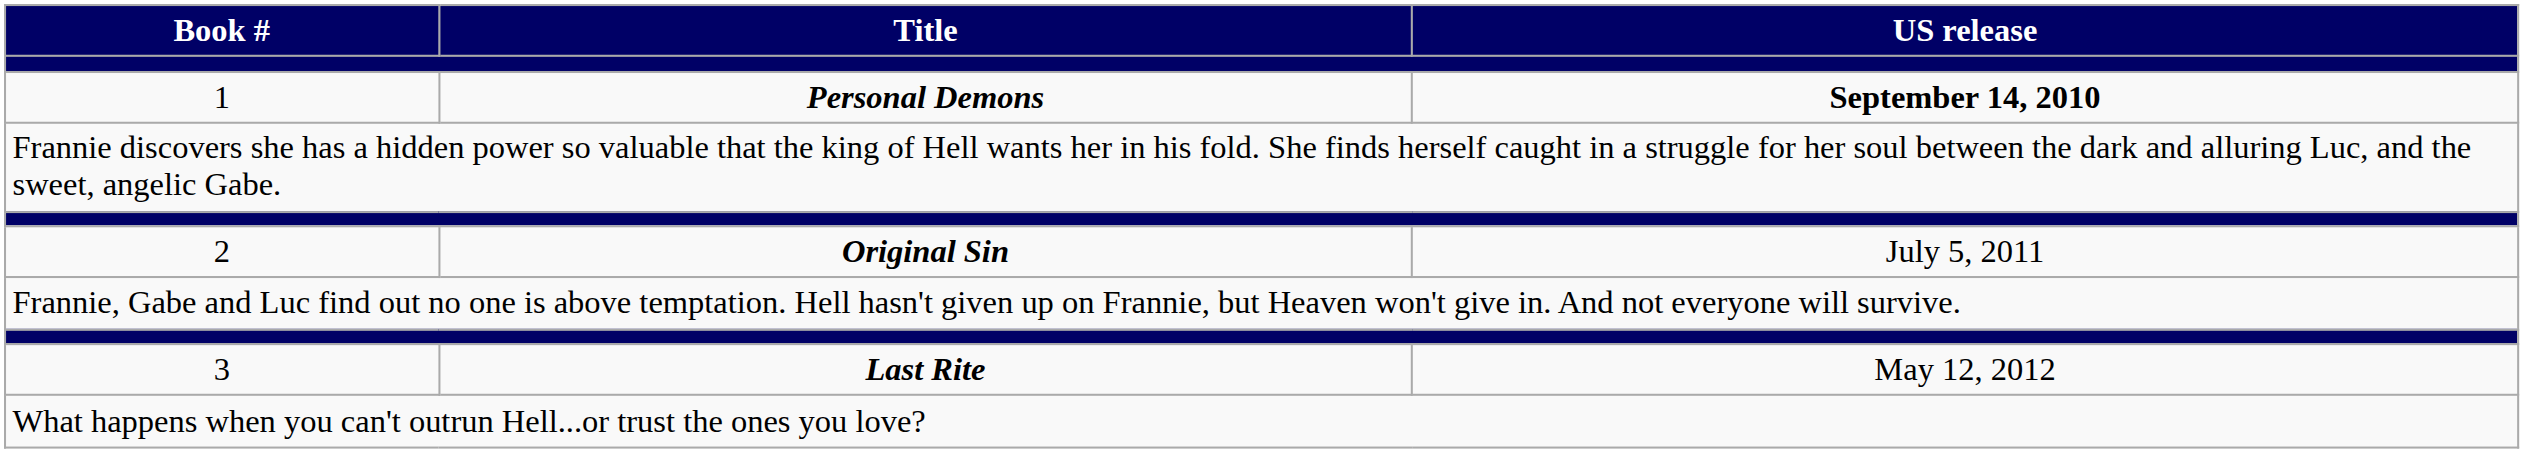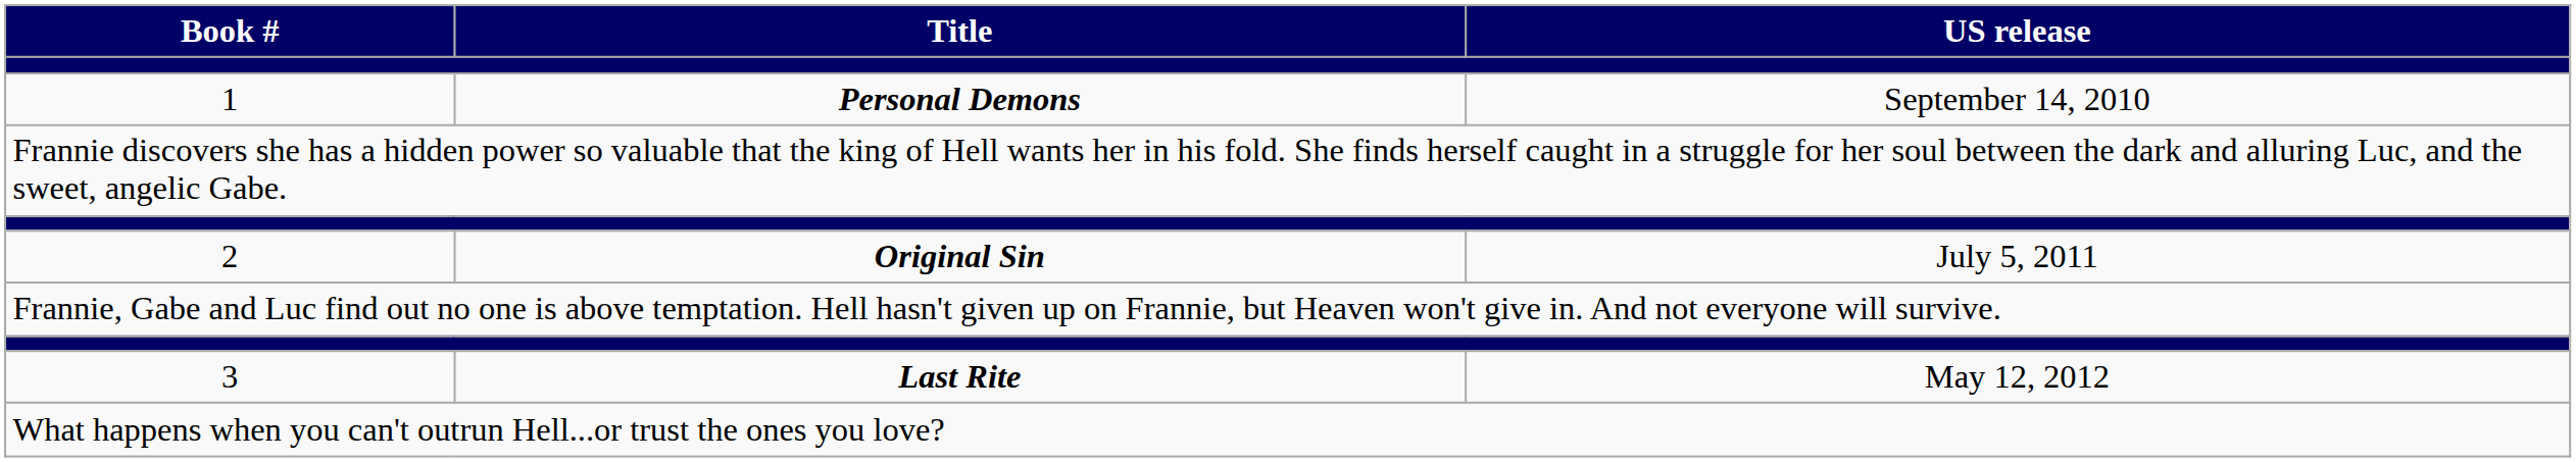 <table class="wikitable" style="width:98%; background-color:#FFFFF">
 <tr style="color:white">
 <th style="background-color: #000066;">Book #</th>
 <th style="background-color: #000066;">Title</th>
 <th style="background-color: #000066;">US release</th>
 </tr>
 <tr>
 <td colspan="3" bgcolor="#000066"></td>
 </tr>
 <tr>
 <td align="center">1</td>
 <td align="center"><strong><em>Personal Demons</em></strong></td>
-<td align="center"><strong>September 14, 2010</strong></td>
+<td align="center">September 14, 2010</td>
 </tr>
 <tr>
 <td colspan="3">Frannie discovers she has a hidden power so valuable that the king of Hell wants her in his fold. She finds herself caught in a struggle for her soul between the dark and alluring Luc, and the sweet, angelic Gabe.</td>
 </tr>
 <tr>
 <td colspan="3" bgcolor="#000066"></td>
 </tr>
 <tr>
 <td align="center">2</td>
 <td align="center"><strong><em>Original Sin</em></strong></td>
 <td align="center">July 5, 2011</td>
 </tr>
 <tr>
 <td colspan="3">Frannie, Gabe and Luc find out no one is above temptation. Hell hasn't given up on Frannie, but Heaven won't give in. And not everyone will survive.</td>
 </tr>
 <tr>
 <td colspan="3" bgcolor="#000066"></td>
 </tr>
 <tr>
 <td align="center">3</td>
 <td align="center"><strong><em>Last Rite</em></strong></td>
 <td align="center">May 12, 2012</td>
 </tr>
 <tr>
 <td colspan="3">What happens when you can't outrun Hell...or trust the ones you love?</td>
 </tr>
 </table>
